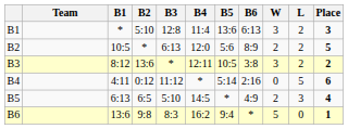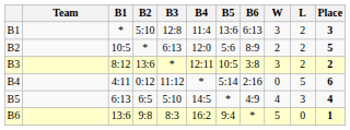 <table class="wikitable" style="text-align:center;">
 <tr>
 <th></th>
 <th width="120">Team</th>
 <th width="25">B1</th>
 <th width="25">B2</th>
 <th width="25">B3</th>
 <th width="25">B4</th>
 <th width="25">B5</th>
 <th width="25">B6</th>
 <th width="30">W</th>
 <th width="30">L</th>
 <th>Place</th>
 </tr>
 <tr>
 <td>B1</td>
 <td align="left"></td>
 <td>*</td>
 <td>5:10</td>
 <td>12:8</td>
 <td>11:4</td>
 <td>13:6</td>
 <td>6:13</td>
 <td>3</td>
 <td>2</td>
 <td><strong>3</strong></td>
 </tr>
 <tr>
 <td>B2</td>
 <td align="left"></td>
 <td>10:5</td>
 <td>*</td>
 <td>6:13</td>
 <td>12:0</td>
 <td>5:6</td>
 <td>8:9</td>
 <td>2</td>
 <td>2</td>
 <td><strong>5</strong></td>
 </tr>
 <tr bgcolor="#ffffcc">
 <td>B3</td>
 <td align="left"></td>
 <td>8:12</td>
 <td>13:6</td>
 <td>*</td>
 <td>12:11</td>
 <td>10:5</td>
 <td>3:8</td>
 <td>3</td>
 <td>2</td>
 <td><strong>2</strong></td>
 </tr>
 <tr>
 <td>B4</td>
 <td align="left"></td>
 <td>4:11</td>
 <td>0:12</td>
 <td>11:12</td>
 <td>*</td>
 <td>5:14</td>
 <td>2:16</td>
 <td>0</td>
 <td>5</td>
 <td><strong>6</strong></td>
 </tr>
 <tr>
 <td>B5</td>
 <td align="left"></td>
 <td>6:13</td>
 <td>6:5</td>
 <td>5:10</td>
 <td>14:5</td>
 <td>*</td>
 <td>4:9</td>
-<td>2</td>
+<td>4</td>
 <td>3</td>
 <td><strong>4</strong></td>
 </tr>
 <tr bgcolor="#ffffcc">
 <td>B6</td>
 <td align="left"></td>
 <td>13:6</td>
 <td>9:8</td>
 <td>8:3</td>
 <td>16:2</td>
 <td>9:4</td>
 <td>*</td>
 <td>5</td>
 <td>0</td>
 <td><strong>1</strong></td>
 </tr>
 </table>
